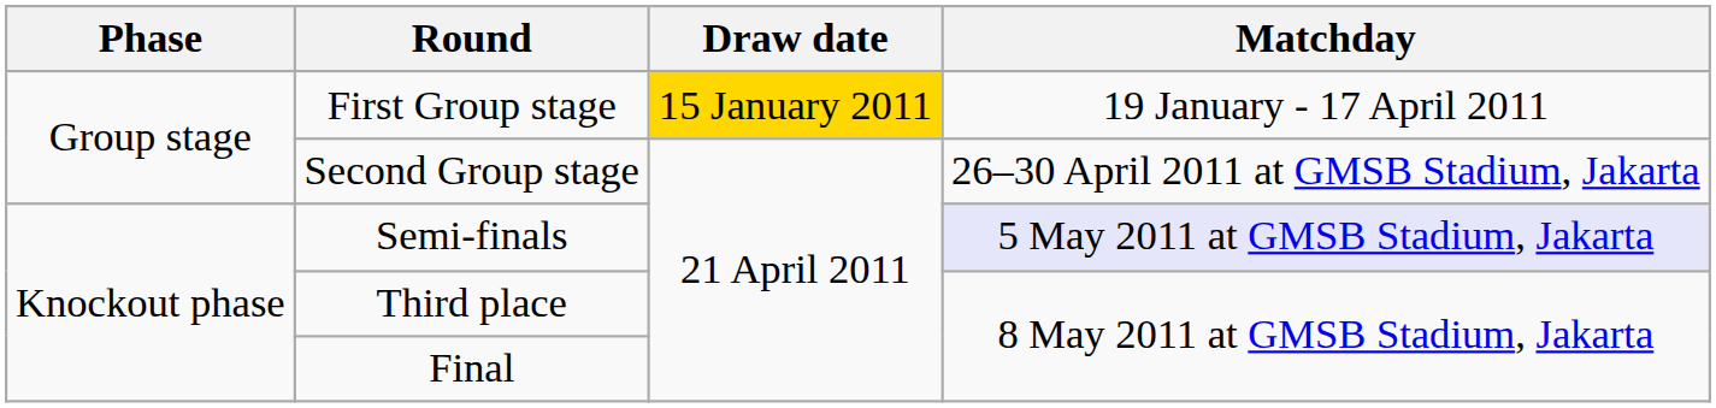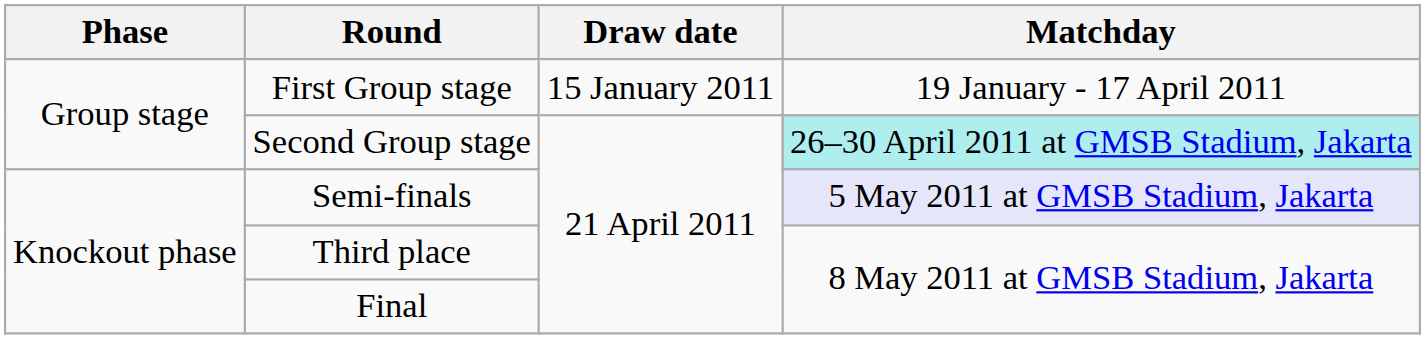 <table class="wikitable" border="1">
 <tr>
 <th>Phase</th>
 <th>Round</th>
 <th>Draw date</th>
 <th>Matchday</th>
 </tr>
 <tr align="center">
 <td rowspan=2>Group stage</td>
 <td>First Group stage</td>
-<td style="background: gold;">15 January 2011</td>
+<td>15 January 2011</td>
 <td>19 January - 17 April 2011</td>
 </tr>
 <tr align="center">
 <td>Second Group stage</td>
 <td rowspan=4>21 April 2011</td>
-<td>26–30 April 2011 at <a href='#'>GMSB Stadium</a>, <a href='#'>Jakarta</a></td>
+<td style="background: paleturquoise;">26–30 April 2011 at <a href='#'>GMSB Stadium</a>, <a href='#'>Jakarta</a></td>
 </tr>
 <tr align="center">
 <td rowspan=3>Knockout phase</td>
 <td>Semi-finals</td>
 <td style="background: lavender;">5 May 2011 at <a href='#'>GMSB Stadium</a>, <a href='#'>Jakarta</a></td>
 </tr>
 <tr align="center">
 <td>Third place</td>
 <td rowspan=2>8 May 2011 at <a href='#'>GMSB Stadium</a>, <a href='#'>Jakarta</a></td>
 </tr>
 <tr align="center">
 <td>Final</td>
 </tr>
 </table>
